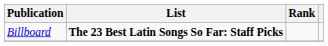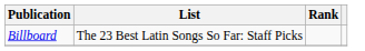 <table class="sortable wikitable">
 <tr>
 <th>Publication</th>
 <th>List</th>
 <th>Rank</th>
 <th class="unsortable"></th>
 </tr>
 <tr>
 <td><em><a href='#'>Billboard</a></em></td>
-<td><strong>The 23 Best Latin Songs So Far: Staff Picks</strong></td>
+<td>The 23 Best Latin Songs So Far: Staff Picks</td>
 <td></td>
 <td style="text-align:center;"></td>
 </tr>
 <tr>
 </tr>
 </table>
